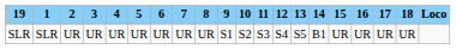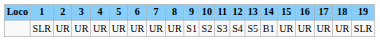 <table class="wikitable plainrowheaders unsortable" style="text-align:center">
 <tr>
-<th scope="col" rowspan="1" style="background:lightskyblue;">19</th>
+<th scope="col" rowspan="1" style="background:lightskyblue;">Loco</th>
 <th scope="col" rowspan="1" style="background:lightskyblue;">1</th>
 <th scope="col" rowspan="1" style="background:lightskyblue;">2</th>
 <th scope="col" rowspan="1" style="background:lightskyblue;">3</th>
 <th scope="col" rowspan="1" style="background:lightskyblue;">4</th>
 <th scope="col" rowspan="1" style="background:lightskyblue;">5</th>
 <th scope="col" rowspan="1" style="background:lightskyblue;">6</th>
 <th scope="col" rowspan="1" style="background:lightskyblue;">7</th>
 <th scope="col" rowspan="1" style="background:lightskyblue;">8</th>
 <th scope="col" rowspan="1" style="background:lightskyblue;">9</th>
 <th scope="col" rowspan="1" style="background:lightskyblue;">10</th>
 <th scope="col" rowspan="1" style="background:lightskyblue;">11</th>
 <th scope="col" rowspan="1" style="background:lightskyblue;">12</th>
 <th scope="col" rowspan="1" style="background:lightskyblue;">13</th>
 <th scope="col" rowspan="1" style="background:lightskyblue;">14</th>
 <th scope="col" rowspan="1" style="background:lightskyblue;">15</th>
 <th scope="col" rowspan="1" style="background:lightskyblue;">16</th>
 <th scope="col" rowspan="1" style="background:lightskyblue;">17</th>
 <th scope="col" rowspan="1" style="background:lightskyblue;">18</th>
-<th scope="col" rowspan="1" style="background:lightskyblue;">Loco</th>
+<th scope="col" rowspan="1" style="background:lightskyblue;">19</th>
 </tr>
 <tr>
-<td>SLR</td>
+<td></td>
 <td>SLR</td>
 <td>UR</td>
 <td>UR</td>
 <td>UR</td>
 <td>UR</td>
 <td>UR</td>
 <td>UR</td>
 <td>UR</td>
 <td>S1</td>
 <td>S2</td>
 <td>S3</td>
 <td>S4</td>
 <td>S5</td>
 <td>B1</td>
 <td>UR</td>
 <td>UR</td>
 <td>UR</td>
 <td>UR</td>
-<td></td>
+<td>SLR</td>
 </tr>
 </table>
